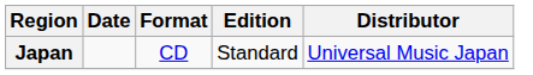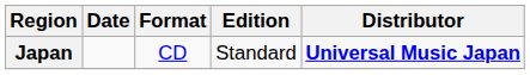 <table class="wikitable plainrowheaders sortable" style="text-align:center;">
 <tr>
 <th scope="col">Region</th>
 <th scope="col">Date</th>
 <th scope="col">Format</th>
 <th scope="col">Edition</th>
 <th scope="col">Distributor</th>
 </tr>
 <tr>
 <th scope="row" rowspan="1">Japan</th>
 <td rowspan="1"></td>
 <td><a href='#'>CD</a></td>
 <td rowspan="1">Standard</td>
-<td rowspan="1"><a href='#'>Universal Music Japan</a></td>
+<td rowspan="1"><strong><a href='#'>Universal Music Japan</a></strong></td>
 </tr>
 <tr>
 </tr>
 </table>
